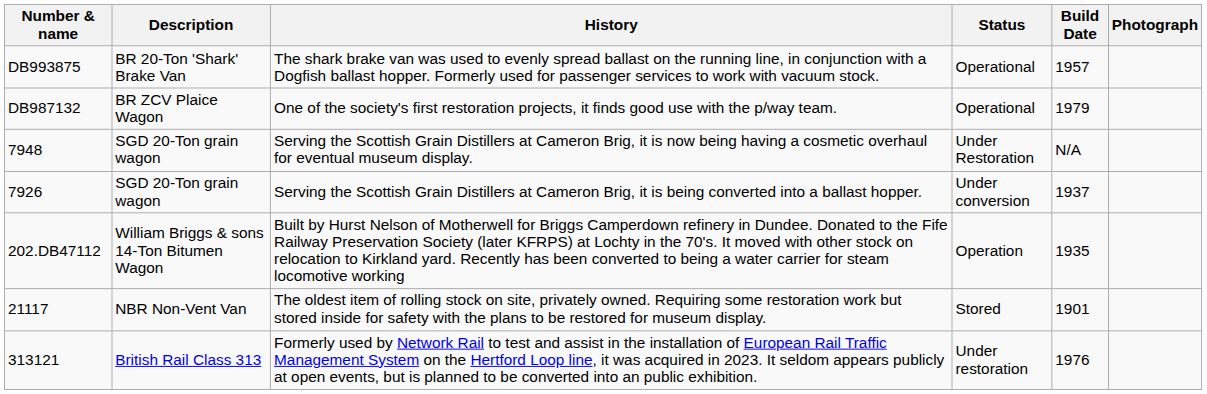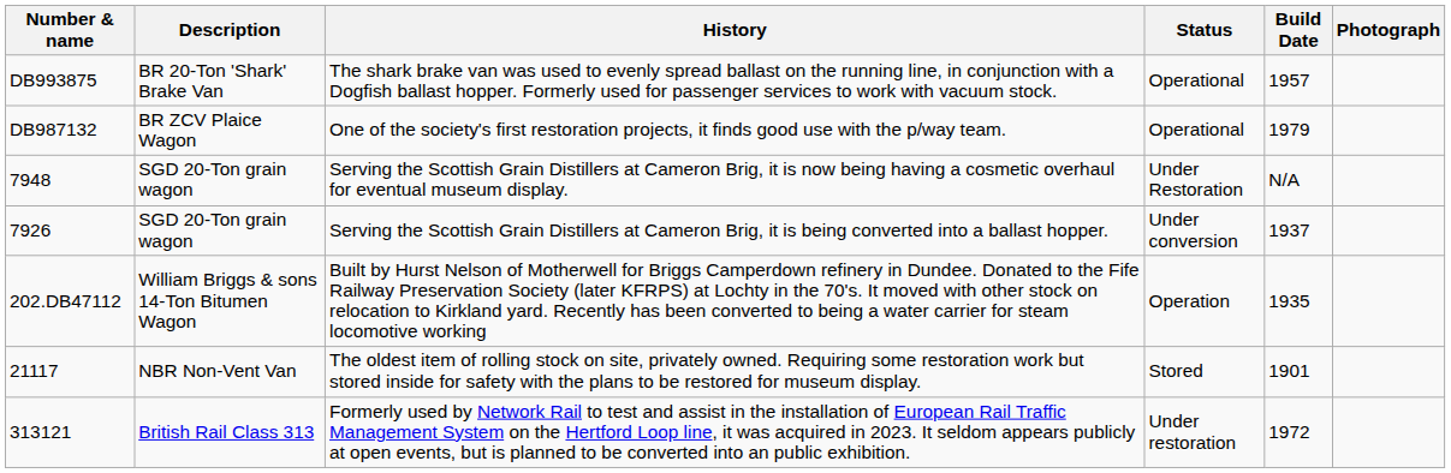 <table class="wikitable">
 <tr>
 <th>Number & name</th>
 <th>Description</th>
 <th>History</th>
 <th>Status</th>
 <th>Build Date</th>
 <th>Photograph</th>
 </tr>
 <tr>
 <td>DB993875</td>
 <td>BR 20-Ton 'Shark' Brake Van</td>
 <td>The shark brake van was used to evenly spread ballast on the running line, in conjunction with a Dogfish ballast hopper. Formerly used for passenger services to work with vacuum stock.</td>
 <td>Operational</td>
 <td>1957</td>
 <td></td>
 </tr>
 <tr>
 <td>DB987132</td>
 <td>BR ZCV Plaice Wagon</td>
 <td>One of the society's first restoration projects, it finds good use with the p/way team.</td>
 <td>Operational</td>
 <td>1979</td>
 <td></td>
 </tr>
 <tr>
 <td>7948</td>
 <td>SGD 20-Ton grain wagon</td>
 <td>Serving the Scottish Grain Distillers at Cameron Brig, it is now being having a cosmetic overhaul for eventual museum display.</td>
 <td>Under Restoration</td>
 <td>N/A</td>
 <td></td>
 </tr>
 <tr>
 <td>7926</td>
 <td>SGD 20-Ton grain wagon</td>
 <td>Serving the Scottish Grain Distillers at Cameron Brig, it is being converted into a ballast hopper.</td>
 <td>Under conversion</td>
 <td>1937</td>
 <td></td>
 </tr>
 <tr>
 <td>202.DB47112</td>
 <td>William Briggs & sons 14-Ton Bitumen Wagon</td>
 <td>Built by Hurst Nelson of Motherwell for Briggs Camperdown refinery in Dundee. Donated to the Fife Railway Preservation Society (later KFRPS) at Lochty in the 70's. It moved with other stock on relocation to Kirkland yard. Recently has been converted to being a water carrier for steam locomotive working</td>
 <td>Operation</td>
 <td>1935</td>
 <td></td>
 </tr>
 <tr>
 <td>21117</td>
 <td>NBR Non-Vent Van</td>
 <td>The oldest item of rolling stock on site, privately owned. Requiring some restoration work but stored inside for safety with the plans to be restored for museum display.</td>
 <td>Stored</td>
 <td>1901</td>
 <td></td>
 </tr>
 <tr>
 <td>313121</td>
 <td><a href='#'>British Rail Class 313</a></td>
 <td>Formerly used by <a href='#'>Network Rail</a> to test and assist in the installation of <a href='#'>European Rail Traffic Management System</a> on the <a href='#'>Hertford Loop line</a>, it was acquired in 2023. It seldom appears publicly at open events, but is planned to be converted into an public exhibition.</td>
 <td>Under restoration</td>
-<td>1976</td>
+<td>1972</td>
 <td></td>
 </tr>
 </table>
